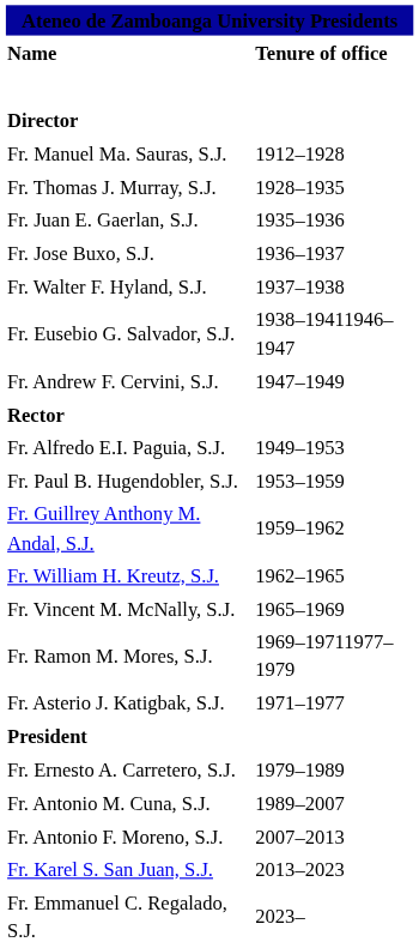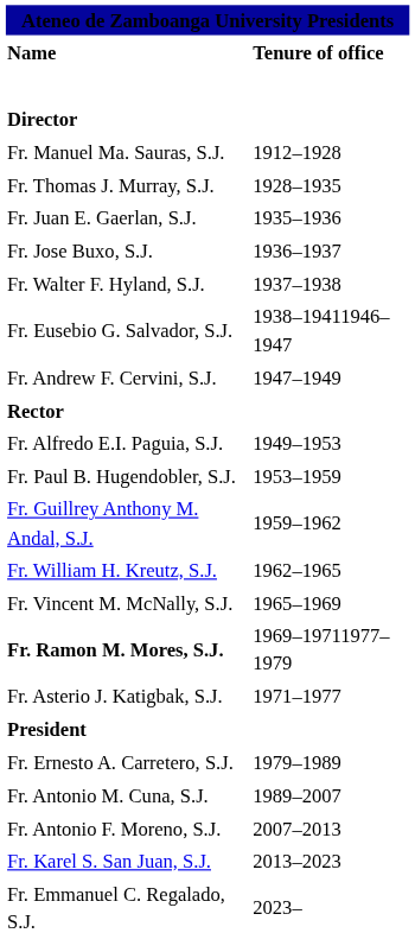 <table class="toccolours" style="float:right; margin-left:1em; font-size:90%; line-height:1.4em; width:300px;">
 <tr>
 <th colspan="2" style="text-align:center; background:#04049c;"><span><strong>Ateneo de Zamboanga University Presidents</strong></span></th>
 </tr>
 <tr>
 <td><strong>Name</strong></td>
 <td><strong>Tenure of office</strong></td>
 </tr>
 <tr>
 <td colspan="2"><br></td>
 </tr>
 <tr>
 <td colspan="2"><strong>Director</strong></td>
 </tr>
 <tr>
 <td>Fr. Manuel Ma. Sauras, S.J.</td>
 <td>1912–1928</td>
 </tr>
 <tr>
 <td>Fr. Thomas J. Murray, S.J.</td>
 <td>1928–1935</td>
 </tr>
 <tr>
 <td>Fr. Juan E. Gaerlan, S.J.</td>
 <td>1935–1936</td>
 </tr>
 <tr>
 <td>Fr. Jose Buxo, S.J.</td>
 <td>1936–1937</td>
 </tr>
 <tr>
 <td>Fr. Walter F. Hyland, S.J.</td>
 <td>1937–1938</td>
 </tr>
 <tr>
 <td>Fr. Eusebio G. Salvador, S.J.</td>
 <td>1938–19411946–1947</td>
 </tr>
 <tr>
 <td>Fr. Andrew F. Cervini, S.J.</td>
 <td>1947–1949</td>
 </tr>
 <tr>
 <td colspan="2"><strong>Rector</strong></td>
 </tr>
 <tr>
 <td>Fr. Alfredo E.I. Paguia, S.J.</td>
 <td>1949–1953</td>
 </tr>
 <tr>
 <td>Fr. Paul B. Hugendobler, S.J.</td>
 <td>1953–1959</td>
 </tr>
 <tr>
 <td><a href='#'>Fr. Guillrey Anthony M. Andal, S.J.</a></td>
 <td>1959–1962</td>
 </tr>
 <tr>
 <td><a href='#'>Fr. William H. Kreutz, S.J.</a></td>
 <td>1962–1965</td>
 </tr>
 <tr>
 <td>Fr. Vincent M. McNally, S.J.</td>
 <td>1965–1969</td>
 </tr>
 <tr>
-<td>Fr. Ramon M. Mores, S.J.</td>
+<td><strong>Fr. Ramon M. Mores, S.J.</strong></td>
 <td>1969–19711977–1979</td>
 </tr>
 <tr>
 <td>Fr. Asterio J. Katigbak, S.J.</td>
 <td>1971–1977</td>
 </tr>
 <tr>
 <td colspan="2"><strong>President</strong></td>
 </tr>
 <tr>
 <td>Fr. Ernesto A. Carretero, S.J.</td>
 <td>1979–1989</td>
 </tr>
 <tr>
 <td>Fr. Antonio M. Cuna, S.J.</td>
 <td>1989–2007</td>
 </tr>
 <tr>
 <td>Fr. Antonio F. Moreno, S.J.</td>
 <td>2007–2013</td>
 </tr>
 <tr>
 <td><a href='#'>Fr. Karel S. San Juan, S.J.</a></td>
 <td>2013–2023</td>
 </tr>
 <tr>
 <td>Fr. Emmanuel C. Regalado, S.J.</td>
 <td>2023–</td>
 </tr>
 <tr>
 <td colspan="2"><br></td>
 </tr>
 <tr>
 <td></td>
 <td></td>
 </tr>
 </table>
